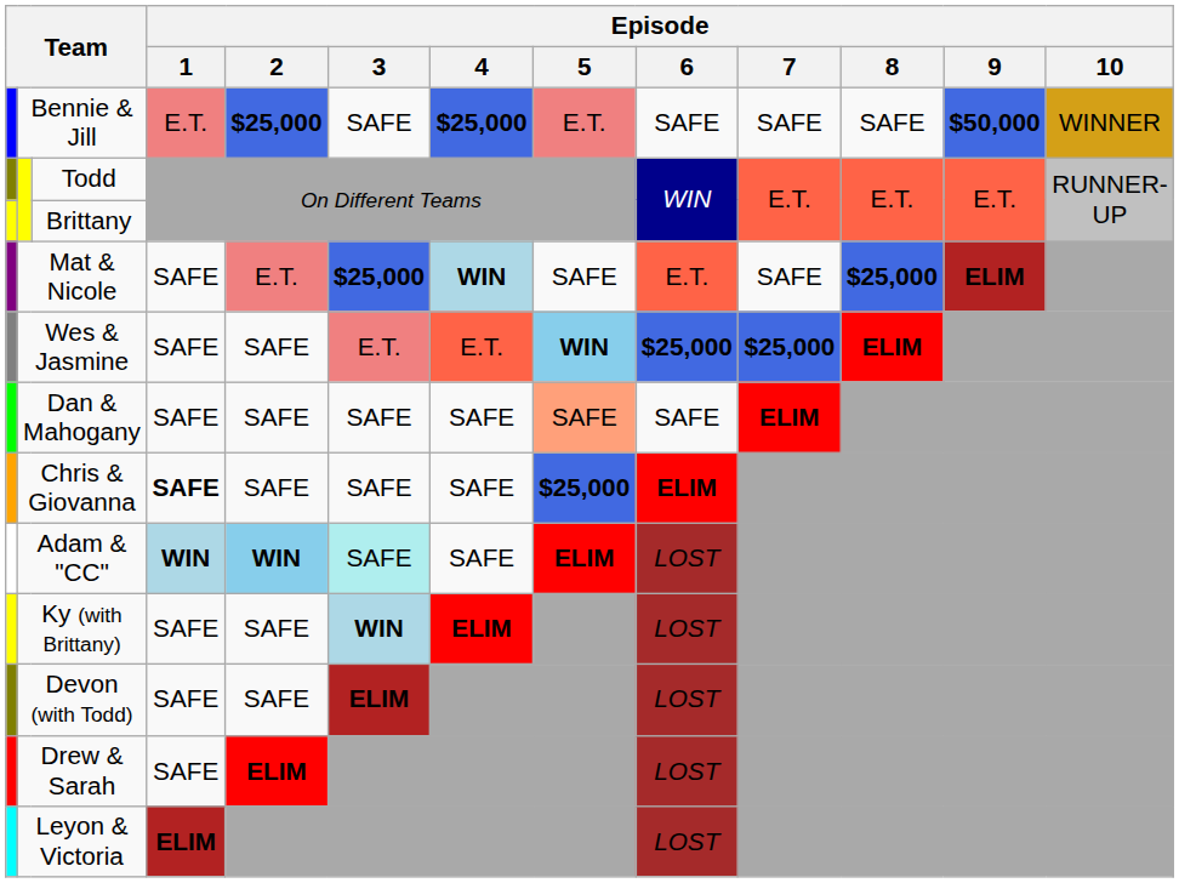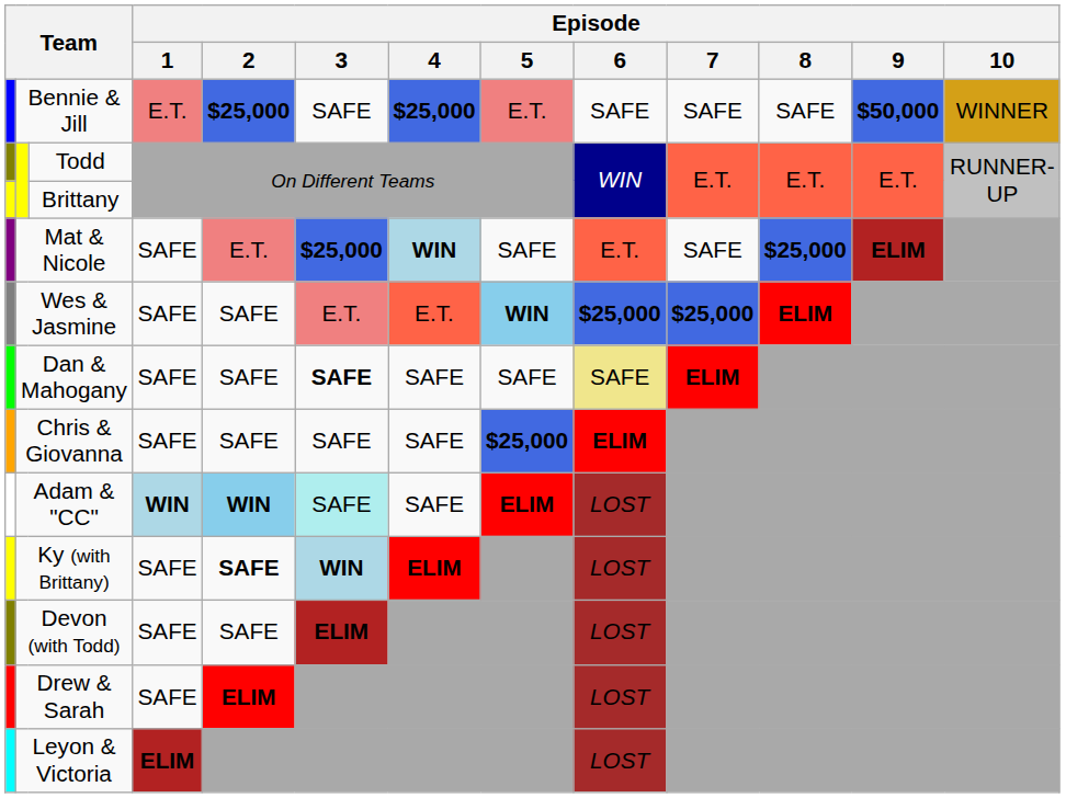 <table class="wikitable" border="2" style="text-align:center;font-size:96%">
 <tr>
 <th rowspan="2" colspan="3">Team</th>
 <th colspan="10">Episode</th>
 </tr>
 <tr>
 <th>1</th>
 <th>2</th>
 <th>3</th>
 <th>4</th>
 <th>5</th>
 <th>6</th>
 <th>7</th>
 <th>8</th>
 <th>9</th>
 <th>10</th>
 </tr>
 <tr>
 <td style="background:Blue"></td>
 <td colspan="2">Bennie & Jill</td>
 <td style="background:lightcoral;">E.T.</td>
 <td style="background:royalblue;"><strong>$25,000</strong></td>
 <td>SAFE</td>
 <td style="background:royalblue;"><strong>$25,000</strong></td>
 <td style="background:lightcoral;">E.T.</td>
 <td>SAFE</td>
 <td>SAFE</td>
 <td>SAFE</td>
 <td style="background:royalblue;"><strong>$50,000</strong></td>
 <td style="background:#D4A017;">WINNER</td>
 </tr>
 <tr>
 <td style="background: Olive"></td>
 <td rowspan="2" style="background:Yellow"></td>
 <td>Todd</td>
 <td bgcolor="darkgray" rowspan="2" colspan="5"><small><em>On Different Teams</em></small></td>
 <td rowspan="2" style="background:darkblue; color:white;"><em>WIN</em></td>
 <td rowspan="2" style="background:tomato;">E.T.</td>
 <td rowspan="2" style="background:tomato;">E.T.</td>
 <td rowspan="2" style="background:tomato;">E.T.</td>
 <td rowspan="2" style="background:silver;">RUNNER-UP</td>
 </tr>
 <tr>
 <td style="background:yellow"></td>
 <td>Brittany</td>
 </tr>
 <tr>
 <td style="background: Purple"></td>
 <td colspan="2">Mat & Nicole</td>
 <td>SAFE</td>
 <td style="background:lightcoral;">E.T.</td>
 <td style="background:royalblue;"><strong>$25,000</strong></td>
 <td style="background:lightblue;"><strong>WIN</strong></td>
 <td>SAFE</td>
 <td style="background:tomato;">E.T.</td>
 <td>SAFE</td>
 <td style="background:royalblue;"><strong>$25,000</strong></td>
 <td style="background:firebrick;"><strong>ELIM</strong></td>
 <td bgcolor="darkgray" colspan="1"></td>
 </tr>
 <tr>
 <td style="background: Gray"></td>
 <td colspan="2">Wes & Jasmine</td>
 <td>SAFE</td>
 <td>SAFE</td>
 <td style="background:lightcoral;">E.T.</td>
 <td style="background:tomato;">E.T.</td>
 <td style="background:skyblue;"><strong>WIN</strong></td>
 <td style="background:royalblue;"><strong>$25,000</strong></td>
 <td style="background:royalblue;"><strong>$25,000</strong></td>
 <td style="background:red;"><strong>ELIM</strong></td>
 <td bgcolor="darkgray" colspan="2"></td>
 </tr>
 <tr>
 <td style="background:Lime"></td>
 <td colspan="2">Dan & Mahogany</td>
 <td>SAFE</td>
 <td>SAFE</td>
+<td><strong>SAFE</strong></td>
 <td>SAFE</td>
 <td>SAFE</td>
-<td style="background: lightsalmon;">SAFE</td>
-<td>SAFE</td>
+<td style="background: khaki;">SAFE</td>
 <td style="background:red;"><strong>ELIM</strong></td>
 <td bgcolor="darkgray" colspan="3"></td>
 </tr>
 <tr>
 <td style="background: Orange"></td>
 <td colspan="2">Chris & Giovanna</td>
-<td><strong>SAFE</strong></td>
+<td>SAFE</td>
 <td>SAFE</td>
 <td>SAFE</td>
 <td>SAFE</td>
 <td style="background:royalblue;"><strong>$25,000</strong></td>
 <td style="background:red;"><strong>ELIM</strong></td>
 <td bgcolor="darkgray" colspan="4"></td>
 </tr>
 <tr>
 <td style="background: White"></td>
 <td colspan="2">Adam & "CC"</td>
 <td style="background:lightblue;"><strong>WIN</strong></td>
 <td style="background:skyblue;"><strong>WIN</strong></td>
 <td style="background: paleturquoise;">SAFE</td>
 <td>SAFE</td>
 <td style="background:red;"><strong>ELIM</strong></td>
 <td bgcolor="brown"><em>LOST</em></td>
 <td bgcolor="darkgray" colspan="4"></td>
 </tr>
 <tr>
 <td style="background: Yellow"></td>
 <td colspan="2">Ky <small>(with Brittany)</small></td>
 <td>SAFE</td>
-<td>SAFE</td>
+<td><strong>SAFE</strong></td>
 <td style="background:lightblue;"><strong>WIN</strong></td>
 <td style="background:red;"><strong>ELIM</strong></td>
 <td bgcolor="darkgray" colspan="1"></td>
 <td bgcolor="brown"><em>LOST</em></td>
 <td bgcolor="darkgray" colspan="4"></td>
 </tr>
 <tr>
 <td style="background: Olive"></td>
 <td colspan="2">Devon <small>(with Todd)</small></td>
 <td>SAFE</td>
 <td>SAFE</td>
 <td style="background:firebrick;"><strong>ELIM</strong></td>
 <td bgcolor="darkgray" colspan="2"></td>
 <td bgcolor="brown"><em>LOST</em></td>
 <td bgcolor="darkgray" colspan="4"></td>
 </tr>
 <tr>
 <td style="background: Red"></td>
 <td colspan="2">Drew & Sarah</td>
 <td>SAFE</td>
 <td style="background:red;"><strong>ELIM</strong></td>
 <td bgcolor="darkgray" colspan="3"></td>
 <td bgcolor="brown"><em>LOST</em></td>
 <td bgcolor="darkgray" colspan="4"></td>
 </tr>
 <tr>
 <td style="background:aqua"></td>
 <td colspan="2">Leyon & Victoria</td>
 <td style="background:firebrick;"><strong>ELIM</strong></td>
 <td bgcolor="darkgray" colspan="4"></td>
 <td bgcolor="brown"><em>LOST</em></td>
 <td bgcolor="darkgray" colspan="4"></td>
 </tr>
 </table>
